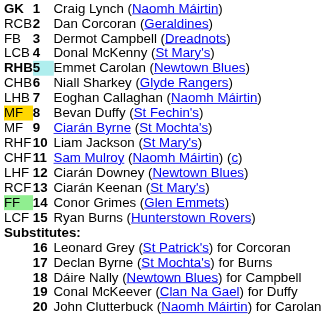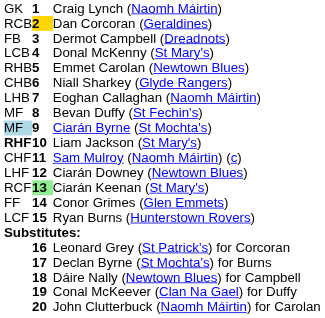 <table cellspacing="0" cellpadding="0">
 <tr>
 <th width="25"></th>
 <th width="25"></th>
 </tr>
 <tr>
-<td><strong>GK</strong></td>
+<td>GK</td>
 <td><strong>1</strong></td>
 <td>Craig Lynch (<a href='#'>Naomh Máirtin</a>)</td>
 </tr>
 <tr>
 <td>RCB</td>
-<td><strong>2</strong></td>
+<td style="background: gold;"><strong>2</strong></td>
 <td>Dan Corcoran (<a href='#'>Geraldines</a>)</td>
 </tr>
 <tr>
 <td>FB</td>
 <td><strong>3</strong></td>
 <td>Dermot Campbell (<a href='#'>Dreadnots</a>)</td>
 </tr>
 <tr>
 <td>LCB</td>
 <td><strong>4</strong></td>
 <td>Donal McKenny (<a href='#'>St Mary's</a>)</td>
 </tr>
 <tr>
-<td><strong>RHB</strong></td>
-<td style="background: paleturquoise;"><strong>5</strong></td>
+<td>RHB</td>
+<td><strong>5</strong></td>
 <td>Emmet Carolan (<a href='#'>Newtown Blues</a>)</td>
 </tr>
 <tr>
 <td>CHB</td>
 <td><strong>6</strong></td>
 <td>Niall Sharkey (<a href='#'>Glyde Rangers</a>)</td>
 </tr>
 <tr>
 <td>LHB</td>
 <td><strong>7</strong></td>
 <td>Eoghan Callaghan (<a href='#'>Naomh Máirtin</a>)</td>
 </tr>
 <tr>
-<td style="background: gold;">MF</td>
+<td>MF</td>
 <td><strong>8</strong></td>
 <td>Bevan Duffy (<a href='#'>St Fechin's</a>)</td>
 </tr>
 <tr>
-<td>MF</td>
+<td style="background: lightblue;">MF</td>
 <td><strong>9</strong></td>
 <td><a href='#'>Ciarán Byrne</a> (<a href='#'>St Mochta's</a>)</td>
 </tr>
 <tr>
-<td>RHF</td>
+<td><strong>RHF</strong></td>
 <td><strong>10</strong></td>
 <td>Liam Jackson (<a href='#'>St Mary's</a>)</td>
 </tr>
 <tr>
 <td>CHF</td>
 <td><strong>11</strong></td>
 <td><a href='#'>Sam Mulroy</a> (<a href='#'>Naomh Máirtin</a>) (<a href='#'>c</a>)</td>
 </tr>
 <tr>
 <td>LHF</td>
 <td><strong>12</strong></td>
 <td>Ciarán Downey (<a href='#'>Newtown Blues</a>)</td>
 </tr>
 <tr>
 <td>RCF</td>
-<td><strong>13</strong></td>
+<td style="background: lightgreen;"><strong>13</strong></td>
 <td>Ciarán Keenan (<a href='#'>St Mary's</a>)</td>
 </tr>
 <tr>
-<td style="background: lightgreen;">FF</td>
+<td>FF</td>
 <td><strong>14</strong></td>
 <td>Conor Grimes (<a href='#'>Glen Emmets</a>)</td>
 </tr>
 <tr>
 <td>LCF</td>
 <td><strong>15</strong></td>
 <td>Ryan Burns (<a href='#'>Hunterstown Rovers</a>)</td>
 </tr>
 <tr>
 <td colspan=3><strong>Substitutes:</strong></td>
 </tr>
 <tr>
 <td></td>
 <td><strong>16</strong></td>
 <td>Leonard Grey (<a href='#'>St Patrick's</a>) for Corcoran</td>
 </tr>
 <tr>
 <td></td>
 <td><strong>17</strong></td>
 <td>Declan Byrne (<a href='#'>St Mochta's</a>) for Burns</td>
 </tr>
 <tr>
 <td></td>
 <td><strong>18</strong></td>
 <td>Dáire Nally (<a href='#'>Newtown Blues</a>) for Campbell</td>
 </tr>
 <tr>
 <td></td>
 <td><strong>19</strong></td>
 <td>Conal McKeever (<a href='#'>Clan Na Gael</a>) for Duffy</td>
 </tr>
 <tr>
 <td></td>
 <td><strong>20</strong></td>
 <td>John Clutterbuck (<a href='#'>Naomh Máirtin</a>) for Carolan</td>
 </tr>
 </table>
